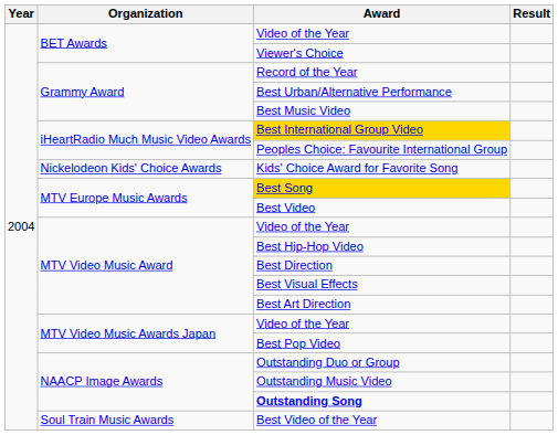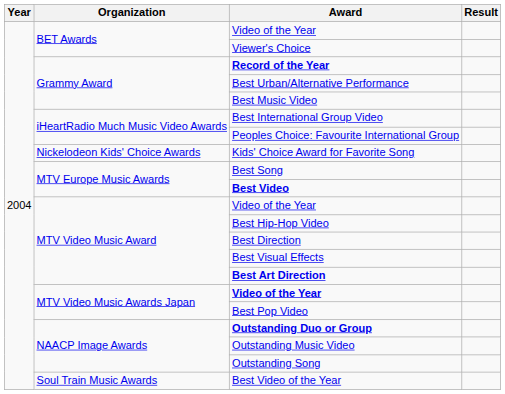 <table class="wikitable">
 <tr>
 <th>Year</th>
 <th>Organization</th>
 <th>Award</th>
 <th>Result</th>
 </tr>
 <tr>
 <td rowspan="21">2004</td>
 <td rowspan="2"><a href='#'>BET Awards</a></td>
 <td><a href='#'>Video of the Year</a></td>
 <td></td>
 </tr>
 <tr>
 <td><a href='#'>Viewer's Choice</a></td>
 <td></td>
 </tr>
 <tr>
 <td rowspan="3"><a href='#'>Grammy Award</a></td>
-<td><a href='#'>Record of the Year</a></td>
+<td><strong><a href='#'>Record of the Year</a></strong></td>
 <td></td>
 </tr>
 <tr>
 <td><a href='#'>Best Urban/Alternative Performance</a></td>
 <td></td>
 </tr>
 <tr>
 <td><a href='#'>Best Music Video</a></td>
 <td></td>
 </tr>
 <tr>
 <td rowspan="2"><a href='#'>iHeartRadio Much Music Video Awards</a></td>
-<td style="background: gold;"><a href='#'>Best International Group Video</a></td>
+<td><a href='#'>Best International Group Video</a></td>
 <td></td>
 </tr>
 <tr>
 <td><a href='#'>Peoples Choice: Favourite International Group</a></td>
 <td></td>
 </tr>
 <tr>
 <td><a href='#'>Nickelodeon Kids' Choice Awards</a></td>
 <td><a href='#'>Kids' Choice Award for Favorite Song</a></td>
 <td></td>
 </tr>
 <tr>
 <td rowspan="2"><a href='#'>MTV Europe Music Awards</a></td>
-<td style="background: gold;"><a href='#'>Best Song</a></td>
+<td><a href='#'>Best Song</a></td>
 <td></td>
 </tr>
 <tr>
-<td><a href='#'>Best Video</a></td>
+<td><strong><a href='#'>Best Video</a></strong></td>
 <td></td>
 </tr>
 <tr>
 <td rowspan="5"><a href='#'>MTV Video Music Award</a></td>
 <td><a href='#'>Video of the Year</a></td>
 <td></td>
 </tr>
 <tr>
 <td><a href='#'>Best Hip-Hop Video</a></td>
 <td></td>
 </tr>
 <tr>
 <td><a href='#'>Best Direction</a></td>
 <td></td>
 </tr>
 <tr>
 <td><a href='#'>Best Visual Effects</a></td>
 <td></td>
 </tr>
 <tr>
-<td><a href='#'>Best Art Direction</a></td>
+<td><strong><a href='#'>Best Art Direction</a></strong></td>
 <td></td>
 </tr>
 <tr>
 <td rowspan="2"><a href='#'>MTV Video Music Awards Japan</a></td>
-<td><a href='#'>Video of the Year</a></td>
+<td><strong><a href='#'>Video of the Year</a></strong></td>
 <td></td>
 </tr>
 <tr>
 <td><a href='#'>Best Pop Video</a></td>
 <td></td>
 </tr>
 <tr>
 <td rowspan="3"><a href='#'>NAACP Image Awards</a></td>
-<td><a href='#'>Outstanding Duo or Group</a></td>
+<td><strong><a href='#'>Outstanding Duo or Group</a></strong></td>
 <td></td>
 </tr>
 <tr>
 <td><a href='#'>Outstanding Music Video</a></td>
 <td></td>
 </tr>
 <tr>
-<td><strong><a href='#'>Outstanding Song</a></strong></td>
+<td><a href='#'>Outstanding Song</a></td>
 <td></td>
 </tr>
 <tr>
 <td><a href='#'>Soul Train Music Awards</a></td>
 <td><a href='#'>Best Video of the Year</a></td>
 <td></td>
 </tr>
 </table>
